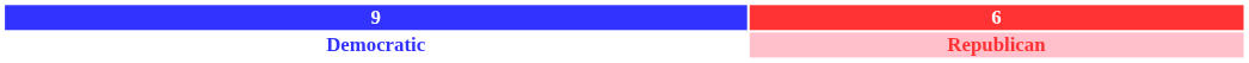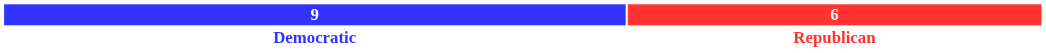 <table style="width:50%">
 <tr>
 <td scope="row" colspan="3" style="text-align:center"></td>
 </tr>
 <tr>
 <td scope="row" style="background:#33F; width:60%; text-align:center; color:white"><strong>9</strong></td>
 <td style="background:#F33; width:40%; text-align:center; color:white"><strong>6</strong></td>
 </tr>
 <tr>
 <td scope="row" style="text-align:center; color:#33F"><strong>Democratic</strong></td>
-<td style="background: pink; text-align:center; color:#F33"><strong>Republican</strong></td>
+<td style="text-align:center; color:#F33"><strong>Republican</strong></td>
 </tr>
 </table>
